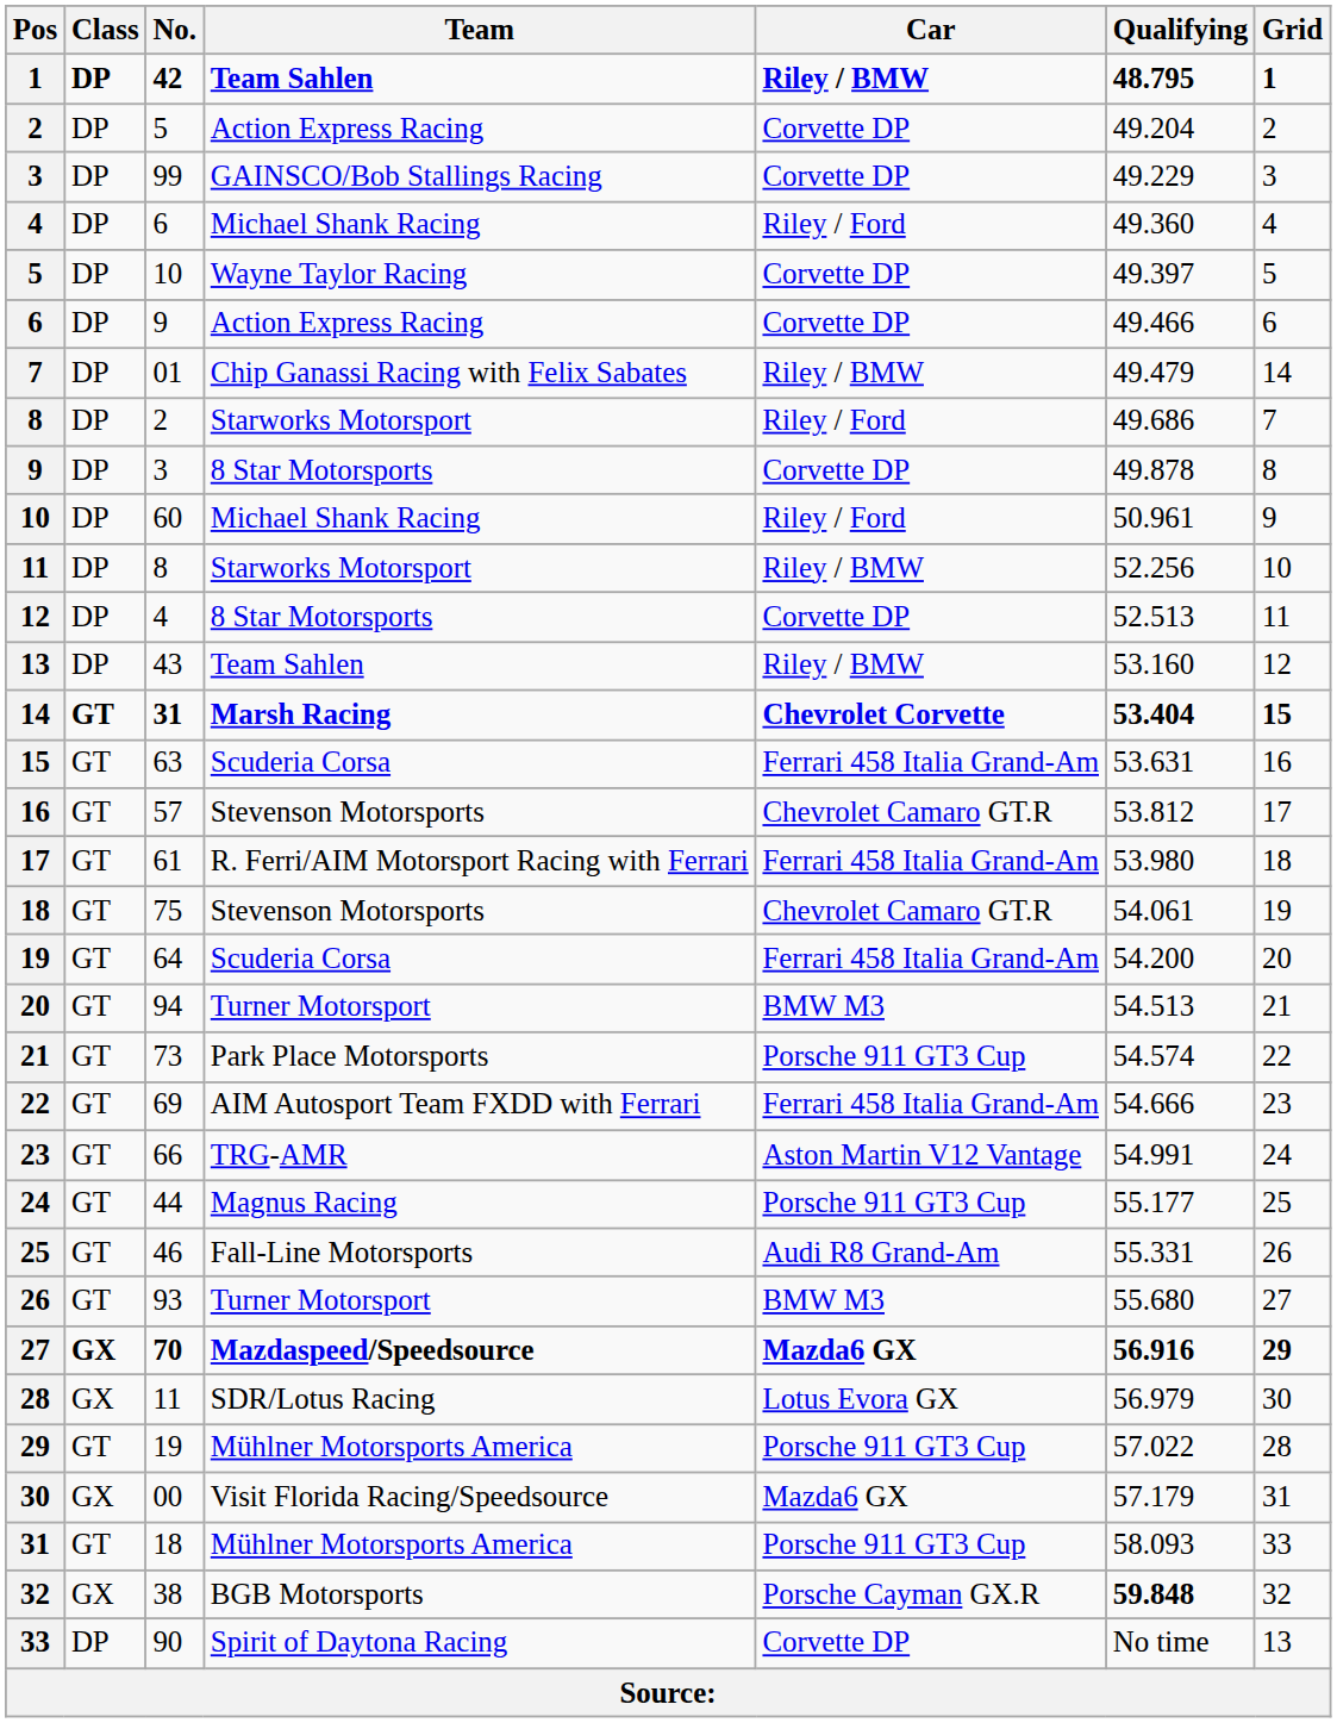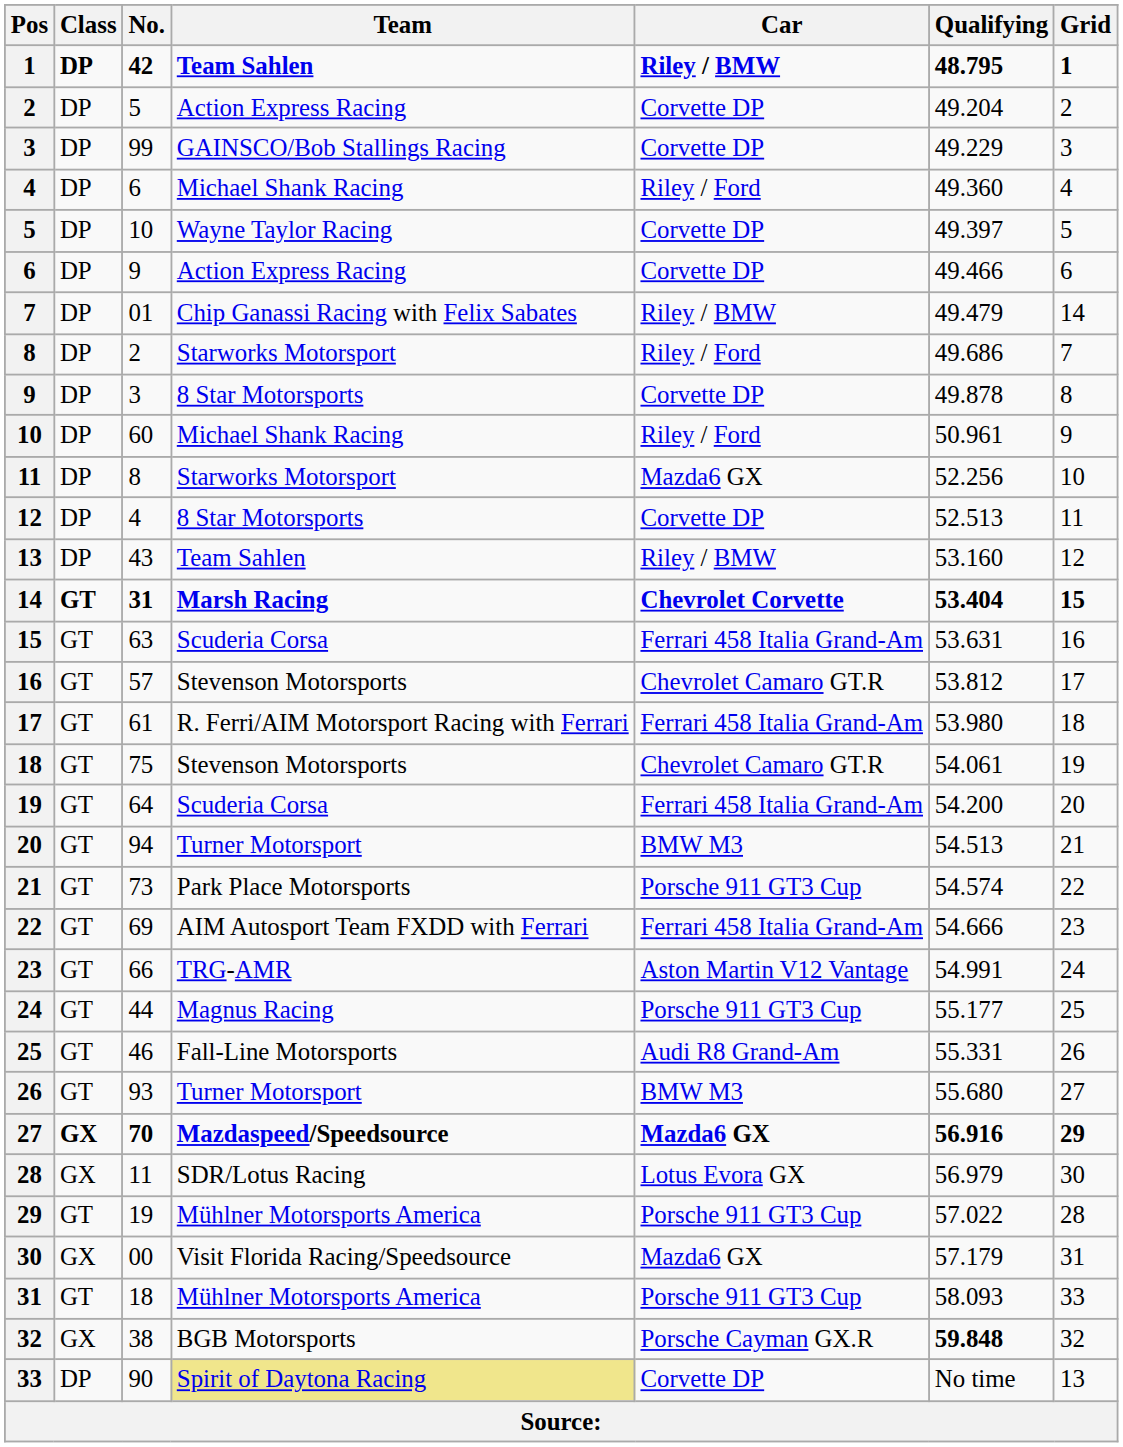 <table class="wikitable" style="font-size: 85%;">
 <tr>
 <th>Pos</th>
 <th>Class</th>
 <th>No.</th>
 <th>Team</th>
 <th>Car</th>
 <th>Qualifying</th>
 <th>Grid</th>
 </tr>
 <tr>
 <th>1</th>
 <td><strong>DP</strong></td>
 <td><strong>42</strong></td>
 <td><a href='#'><strong>Team Sahlen</strong></a></td>
 <td><strong><a href='#'>Riley</a> / <a href='#'>BMW</a></strong></td>
 <td><strong>48.795</strong></td>
 <td><strong>1</strong></td>
 </tr>
 <tr>
 <th>2</th>
 <td>DP</td>
 <td>5</td>
 <td><a href='#'>Action Express Racing</a></td>
 <td><a href='#'>Corvette DP</a></td>
 <td>49.204</td>
 <td>2</td>
 </tr>
 <tr>
 <th>3</th>
 <td>DP</td>
 <td>99</td>
 <td><a href='#'>GAINSCO/Bob Stallings Racing</a></td>
 <td><a href='#'>Corvette DP</a></td>
 <td>49.229</td>
 <td>3</td>
 </tr>
 <tr>
 <th>4</th>
 <td>DP</td>
 <td>6</td>
 <td><a href='#'>Michael Shank Racing</a></td>
 <td><a href='#'>Riley</a> / <a href='#'>Ford</a></td>
 <td>49.360</td>
 <td>4</td>
 </tr>
 <tr>
 <th>5</th>
 <td>DP</td>
 <td>10</td>
 <td><a href='#'>Wayne Taylor Racing</a></td>
 <td><a href='#'>Corvette DP</a></td>
 <td>49.397</td>
 <td>5</td>
 </tr>
 <tr>
 <th>6</th>
 <td>DP</td>
 <td>9</td>
 <td><a href='#'>Action Express Racing</a></td>
 <td><a href='#'>Corvette DP</a></td>
 <td>49.466</td>
 <td>6</td>
 </tr>
 <tr>
 <th>7</th>
 <td>DP</td>
 <td>01</td>
 <td><a href='#'>Chip Ganassi Racing</a> with <a href='#'>Felix Sabates</a></td>
 <td><a href='#'>Riley</a> / <a href='#'>BMW</a></td>
 <td>49.479</td>
 <td>14</td>
 </tr>
 <tr>
 <th>8</th>
 <td>DP</td>
 <td>2</td>
 <td><a href='#'>Starworks Motorsport</a></td>
 <td><a href='#'>Riley</a> / <a href='#'>Ford</a></td>
 <td>49.686</td>
 <td>7</td>
 </tr>
 <tr>
 <th>9</th>
 <td>DP</td>
 <td>3</td>
 <td><a href='#'>8 Star Motorsports</a></td>
 <td><a href='#'>Corvette DP</a></td>
 <td>49.878</td>
 <td>8</td>
 </tr>
 <tr>
 <th>10</th>
 <td>DP</td>
 <td>60</td>
 <td><a href='#'>Michael Shank Racing</a></td>
 <td><a href='#'>Riley</a> / <a href='#'>Ford</a></td>
 <td>50.961</td>
 <td>9</td>
 </tr>
 <tr>
 <th>11</th>
 <td>DP</td>
 <td>8</td>
 <td><a href='#'>Starworks Motorsport</a></td>
-<td><a href='#'>Riley</a> / <a href='#'>BMW</a></td>
+<td><a href='#'>Mazda6</a> GX</td>
 <td>52.256</td>
 <td>10</td>
 </tr>
 <tr>
 <th>12</th>
 <td>DP</td>
 <td>4</td>
 <td><a href='#'>8 Star Motorsports</a></td>
 <td><a href='#'>Corvette DP</a></td>
 <td>52.513</td>
 <td>11</td>
 </tr>
 <tr>
 <th>13</th>
 <td>DP</td>
 <td>43</td>
 <td><a href='#'>Team Sahlen</a></td>
 <td><a href='#'>Riley</a> / <a href='#'>BMW</a></td>
 <td>53.160</td>
 <td>12</td>
 </tr>
 <tr>
 <th>14</th>
 <td><strong>GT</strong></td>
 <td><strong>31</strong></td>
 <td><strong><a href='#'>Marsh Racing</a></strong></td>
 <td><a href='#'><strong>Chevrolet Corvette</strong></a></td>
 <td><strong>53.404</strong></td>
 <td><strong>15</strong></td>
 </tr>
 <tr>
 <th>15</th>
 <td>GT</td>
 <td>63</td>
 <td><a href='#'>Scuderia Corsa</a></td>
 <td><a href='#'>Ferrari 458 Italia Grand-Am</a></td>
 <td>53.631</td>
 <td>16</td>
 </tr>
 <tr>
 <th>16</th>
 <td>GT</td>
 <td>57</td>
 <td>Stevenson Motorsports</td>
 <td><a href='#'>Chevrolet Camaro</a> GT.R</td>
 <td>53.812</td>
 <td>17</td>
 </tr>
 <tr>
 <th>17</th>
 <td>GT</td>
 <td>61</td>
 <td>R. Ferri/AIM Motorsport Racing with <a href='#'>Ferrari</a></td>
 <td><a href='#'>Ferrari 458 Italia Grand-Am</a></td>
 <td>53.980</td>
 <td>18</td>
 </tr>
 <tr>
 <th>18</th>
 <td>GT</td>
 <td>75</td>
 <td>Stevenson Motorsports</td>
 <td><a href='#'>Chevrolet Camaro</a> GT.R</td>
 <td>54.061</td>
 <td>19</td>
 </tr>
 <tr>
 <th>19</th>
 <td>GT</td>
 <td>64</td>
 <td><a href='#'>Scuderia Corsa</a></td>
 <td><a href='#'>Ferrari 458 Italia Grand-Am</a></td>
 <td>54.200</td>
 <td>20</td>
 </tr>
 <tr>
 <th>20</th>
 <td>GT</td>
 <td>94</td>
 <td><a href='#'>Turner Motorsport</a></td>
 <td><a href='#'>BMW M3</a></td>
 <td>54.513</td>
 <td>21</td>
 </tr>
 <tr>
 <th>21</th>
 <td>GT</td>
 <td>73</td>
 <td>Park Place Motorsports</td>
 <td><a href='#'>Porsche 911 GT3 Cup</a></td>
 <td>54.574</td>
 <td>22</td>
 </tr>
 <tr>
 <th>22</th>
 <td>GT</td>
 <td>69</td>
 <td>AIM Autosport Team FXDD with <a href='#'>Ferrari</a></td>
 <td><a href='#'>Ferrari 458 Italia Grand-Am</a></td>
 <td>54.666</td>
 <td>23</td>
 </tr>
 <tr>
 <th>23</th>
 <td>GT</td>
 <td>66</td>
 <td><a href='#'>TRG</a>-<a href='#'>AMR</a></td>
 <td><a href='#'>Aston Martin V12 Vantage</a></td>
 <td>54.991</td>
 <td>24</td>
 </tr>
 <tr>
 <th>24</th>
 <td>GT</td>
 <td>44</td>
 <td><a href='#'>Magnus Racing</a></td>
 <td><a href='#'>Porsche 911 GT3 Cup</a></td>
 <td>55.177</td>
 <td>25</td>
 </tr>
 <tr>
 <th>25</th>
 <td>GT</td>
 <td>46</td>
 <td>Fall-Line Motorsports</td>
 <td><a href='#'>Audi R8 Grand-Am</a></td>
 <td>55.331</td>
 <td>26</td>
 </tr>
 <tr>
 <th>26</th>
 <td>GT</td>
 <td>93</td>
 <td><a href='#'>Turner Motorsport</a></td>
 <td><a href='#'>BMW M3</a></td>
 <td>55.680</td>
 <td>27</td>
 </tr>
 <tr>
 <th>27</th>
 <td><strong>GX</strong></td>
 <td><strong>70</strong></td>
 <td><strong><a href='#'>Mazdaspeed</a>/Speedsource</strong></td>
 <td><strong><a href='#'>Mazda6</a> GX</strong></td>
 <td><strong>56.916</strong></td>
 <td><strong>29</strong></td>
 </tr>
 <tr>
 <th>28</th>
 <td>GX</td>
 <td>11</td>
 <td>SDR/Lotus Racing</td>
 <td><a href='#'>Lotus Evora</a> GX</td>
 <td>56.979</td>
 <td>30</td>
 </tr>
 <tr>
 <th>29</th>
 <td>GT</td>
 <td>19</td>
 <td><a href='#'>Mühlner Motorsports America</a></td>
 <td><a href='#'>Porsche 911 GT3 Cup</a></td>
 <td>57.022</td>
 <td>28</td>
 </tr>
 <tr>
 <th>30</th>
 <td>GX</td>
 <td>00</td>
 <td>Visit Florida Racing/Speedsource</td>
 <td><a href='#'>Mazda6</a> GX</td>
 <td>57.179</td>
 <td>31</td>
 </tr>
 <tr>
 <th>31</th>
 <td>GT</td>
 <td>18</td>
 <td><a href='#'>Mühlner Motorsports America</a></td>
 <td><a href='#'>Porsche 911 GT3 Cup</a></td>
 <td>58.093</td>
 <td>33</td>
 </tr>
 <tr>
 <th>32</th>
 <td>GX</td>
 <td>38</td>
 <td>BGB Motorsports</td>
 <td><a href='#'>Porsche Cayman</a> GX.R</td>
 <td><strong>59.848</strong></td>
 <td>32</td>
 </tr>
 <tr>
 <th>33</th>
 <td>DP</td>
 <td>90</td>
-<td><a href='#'>Spirit of Daytona Racing</a></td>
+<td style="background: khaki;"><a href='#'>Spirit of Daytona Racing</a></td>
 <td><a href='#'>Corvette DP</a></td>
 <td>No time</td>
 <td>13</td>
 </tr>
 <tr>
 <th colspan="7">Source:</th>
 </tr>
 </table>
